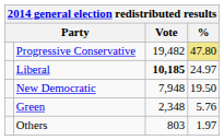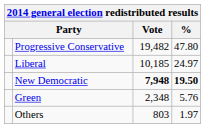 <table class="wikitable">
 <tr>
 <th colspan="4"><a href='#'>2014 general election</a> redistributed results</th>
 </tr>
 <tr>
 <th bgcolor="#DDDDFF" width="130px" colspan="2">Party</th>
 <th bgcolor="#DDDDFF" width="50px">Vote</th>
 <th bgcolor="#DDDDFF" width="30px">%</th>
 </tr>
 <tr>
 <td> </td>
 <td><a href='#'>Progressive Conservative</a></td>
 <td align=right>19,482</td>
-<td align=right style="background: khaki;">47.80</td>
+<td align=right>47.80</td>
 </tr>
 <tr>
 <td> </td>
 <td><a href='#'>Liberal</a></td>
-<td align=right><strong>10,185</strong></td>
+<td align=right>10,185</td>
 <td align=right>24.97</td>
 </tr>
 <tr>
 <td> </td>
 <td><a href='#'>New Democratic</a></td>
-<td align=right>7,948</td>
-<td align=right>19.50</td>
+<td align=right><strong>7,948</strong></td>
+<td align=right><strong>19.50</strong></td>
 </tr>
 <tr>
 <td> </td>
 <td><a href='#'>Green</a></td>
 <td align=right>2,348</td>
 <td align=right>5.76</td>
 </tr>
 <tr>
 <td> </td>
 <td>Others</td>
 <td align=right>803</td>
 <td align=right>1.97</td>
 </tr>
 </table>
